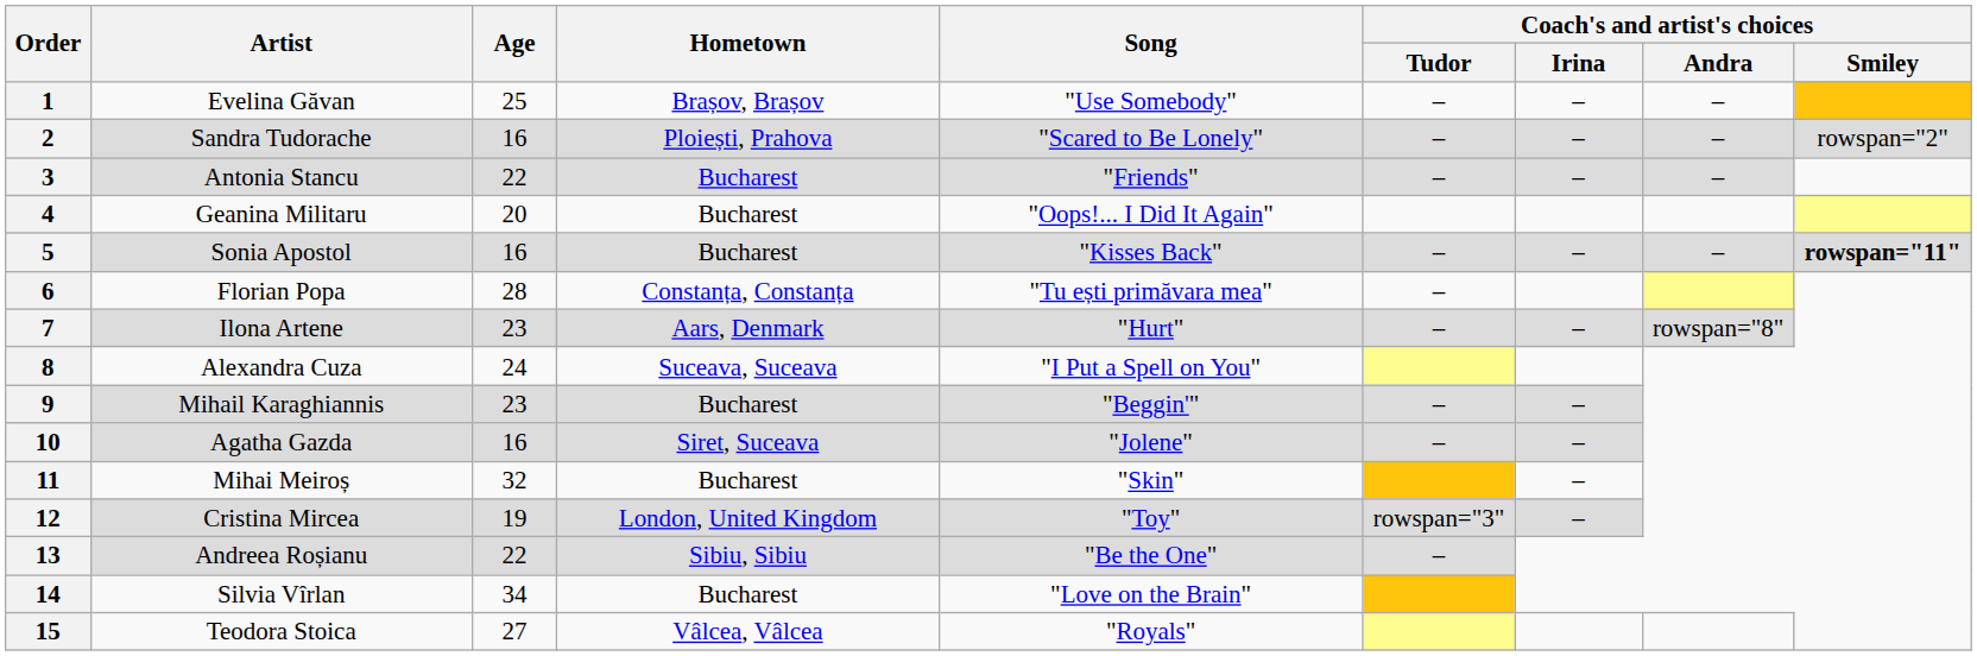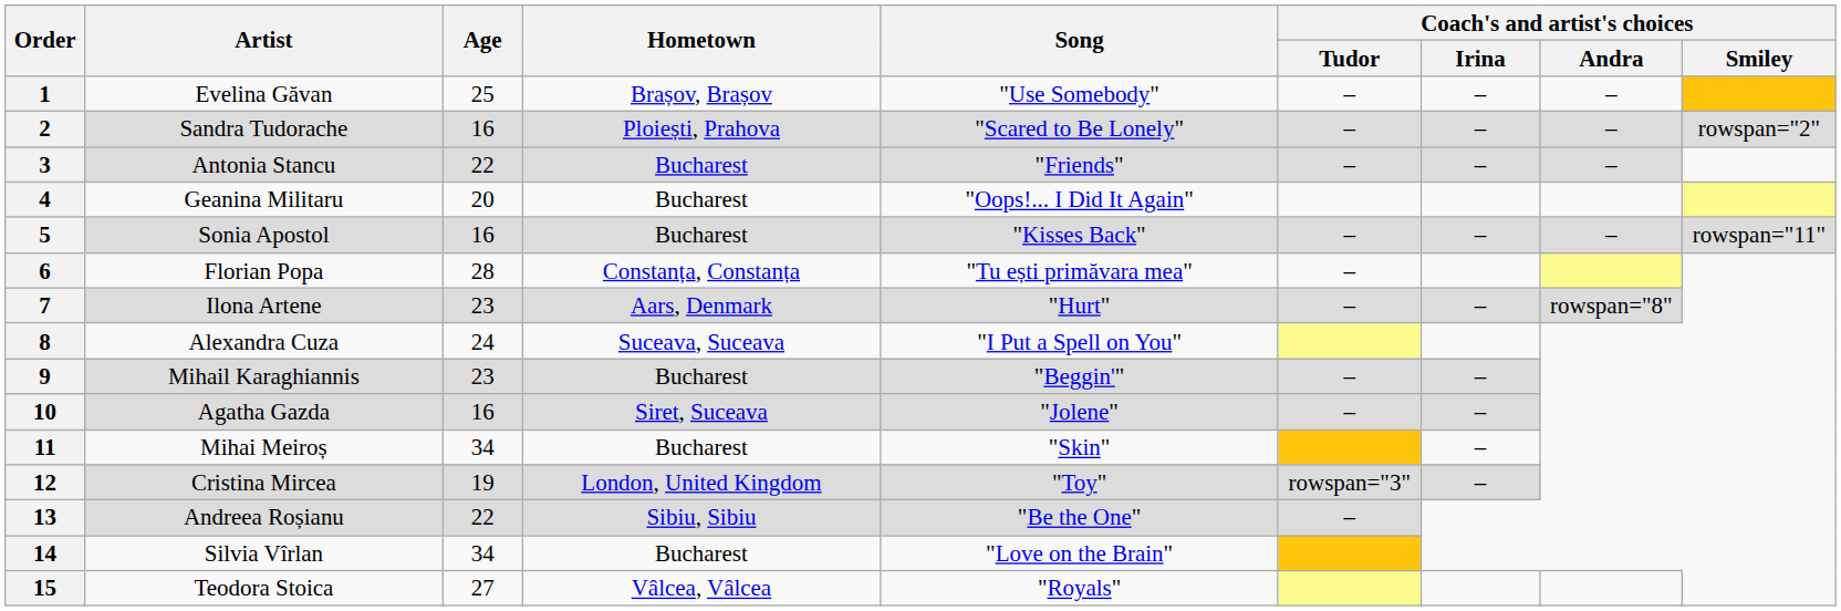 <table class="wikitable" style="text-align:center; line-height:17px; width:100%;">
 <tr>
 <th scope="col" rowspan="2" style="width:04%;">Order</th>
 <th scope="col" rowspan="2" style="width:18%;">Artist</th>
 <th scope="col" rowspan="2" style="width:04%;">Age</th>
 <th scope="col" rowspan="2" style="width:18%;">Hometown</th>
 <th scope="col" rowspan="2" style="width:20%;">Song</th>
 <th scope="col" colspan="4" style="width:24%;">Coach's and artist's choices</th>
 </tr>
 <tr>
 <th style="width:06%;">Tudor</th>
 <th style="width:06%;">Irina</th>
 <th style="width:06%;">Andra</th>
 <th style="width:06%;">Smiley</th>
 </tr>
 <tr>
 <th>1</th>
 <td>Evelina Găvan</td>
 <td>25</td>
 <td><a href='#'>Brașov</a>, <a href='#'>Brașov</a></td>
 <td>"<a href='#'>Use Somebody</a>"</td>
 <td>–</td>
 <td>–</td>
 <td>–</td>
 <td style="background:#FFC40C;"></td>
 </tr>
 <tr style="background:#DCDCDC;">
 <th>2</th>
 <td>Sandra Tudorache</td>
 <td>16</td>
 <td><a href='#'>Ploiești</a>, <a href='#'>Prahova</a></td>
 <td>"<a href='#'>Scared to Be Lonely</a>"</td>
 <td>–</td>
 <td>–</td>
 <td>–</td>
 <td>rowspan="2" </td>
 </tr>
 <tr style="background:#DCDCDC;">
 <th>3</th>
 <td>Antonia Stancu</td>
 <td>22</td>
 <td><a href='#'>Bucharest</a></td>
 <td>"<a href='#'>Friends</a>"</td>
 <td>–</td>
 <td>–</td>
 <td>–</td>
 </tr>
 <tr>
 <th>4</th>
 <td>Geanina Militaru</td>
 <td>20</td>
 <td>Bucharest</td>
 <td>"<a href='#'>Oops!... I Did It Again</a>"</td>
 <td></td>
 <td></td>
 <td></td>
 <td style="background:#FDFC8F;"></td>
 </tr>
 <tr style="background:#DCDCDC;">
 <th>5</th>
 <td>Sonia Apostol</td>
 <td>16</td>
 <td>Bucharest</td>
 <td>"<a href='#'>Kisses Back</a>"</td>
 <td>–</td>
 <td>–</td>
 <td>–</td>
-<td><strong>rowspan="11" </strong></td>
+<td>rowspan="11" </td>
 </tr>
 <tr>
 <th>6</th>
 <td>Florian Popa</td>
 <td>28</td>
 <td><a href='#'>Constanța</a>, <a href='#'>Constanța</a></td>
 <td>"<a href='#'>Tu ești primăvara mea</a>"</td>
 <td>–</td>
 <td></td>
 <td style="background:#FDFC8F;"></td>
 </tr>
 <tr style="background:#DCDCDC;">
 <th>7</th>
 <td>Ilona Artene</td>
 <td>23</td>
 <td><a href='#'>Aars</a>, <a href='#'>Denmark</a></td>
 <td>"<a href='#'>Hurt</a>"</td>
 <td>–</td>
 <td>–</td>
 <td>rowspan="8" </td>
 </tr>
 <tr>
 <th>8</th>
 <td>Alexandra Cuza</td>
 <td>24</td>
 <td><a href='#'>Suceava</a>, <a href='#'>Suceava</a></td>
 <td>"<a href='#'>I Put a Spell on You</a>"</td>
 <td style="background:#FDFC8F;"></td>
 <td></td>
 </tr>
 <tr style="background:#DCDCDC;">
 <th>9</th>
 <td>Mihail Karaghiannis</td>
 <td>23</td>
 <td>Bucharest</td>
 <td>"<a href='#'>Beggin'</a>"</td>
 <td>–</td>
 <td>–</td>
 </tr>
 <tr style="background:#DCDCDC;">
 <th>10</th>
 <td>Agatha Gazda</td>
 <td>16</td>
 <td><a href='#'>Siret</a>, <a href='#'>Suceava</a></td>
 <td>"<a href='#'>Jolene</a>"</td>
 <td>–</td>
 <td>–</td>
 </tr>
 <tr>
 <th>11</th>
 <td>Mihai Meiroș</td>
-<td>32</td>
+<td>34</td>
 <td>Bucharest</td>
 <td>"<a href='#'>Skin</a>"</td>
 <td style="background:#FFC40C;"></td>
 <td>–</td>
 </tr>
 <tr style="background:#DCDCDC;">
 <th>12</th>
 <td>Cristina Mircea</td>
 <td>19</td>
 <td><a href='#'>London</a>, <a href='#'>United Kingdom</a></td>
 <td>"<a href='#'>Toy</a>"</td>
 <td>rowspan="3" </td>
 <td>–</td>
 </tr>
 <tr style="background:#DCDCDC;">
 <th>13</th>
 <td>Andreea Roșianu</td>
 <td>22</td>
 <td><a href='#'>Sibiu</a>, <a href='#'>Sibiu</a></td>
 <td>"<a href='#'>Be the One</a>"</td>
 <td>–</td>
 </tr>
 <tr>
 <th>14</th>
 <td>Silvia Vîrlan</td>
 <td>34</td>
 <td>Bucharest</td>
 <td>"<a href='#'>Love on the Brain</a>"</td>
 <td style="background:#FFC40C;"></td>
 </tr>
 <tr>
 <th>15</th>
 <td>Teodora Stoica</td>
 <td>27</td>
 <td><a href='#'>Vâlcea</a>, <a href='#'>Vâlcea</a></td>
 <td>"<a href='#'>Royals</a>"</td>
 <td style="background:#FDFC8F;"></td>
 <td></td>
 <td></td>
 </tr>
 </table>
